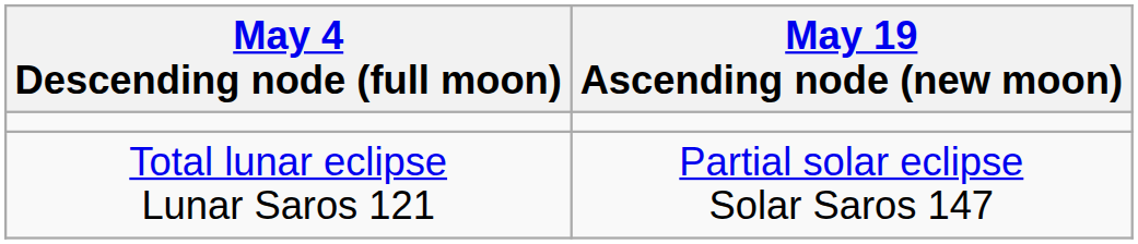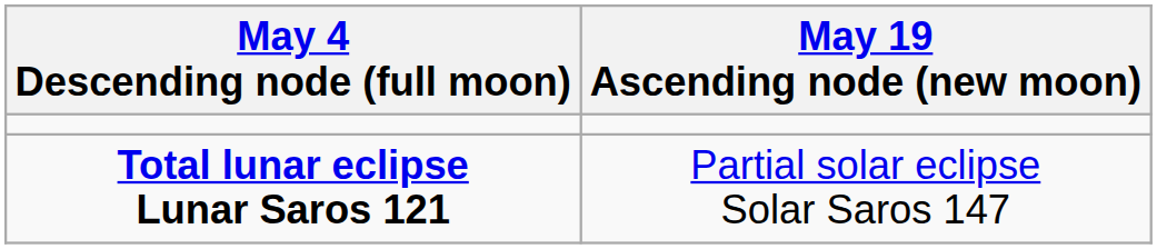 <table class="wikitable">
 <tr>
 <th><a href='#'>May 4</a><br>Descending node (full moon)<br></th>
 <th><a href='#'>May 19</a><br>Ascending node (new moon)<br></th>
 </tr>
 <tr>
 <td></td>
 <td></td>
 </tr>
 <tr align=center>
-<td><a href='#'>Total lunar eclipse</a><br>Lunar Saros 121</td>
+<td><strong><a href='#'>Total lunar eclipse</a><br>Lunar Saros 121</strong></td>
 <td><a href='#'>Partial solar eclipse</a><br>Solar Saros 147</td>
 </tr>
 </table>
